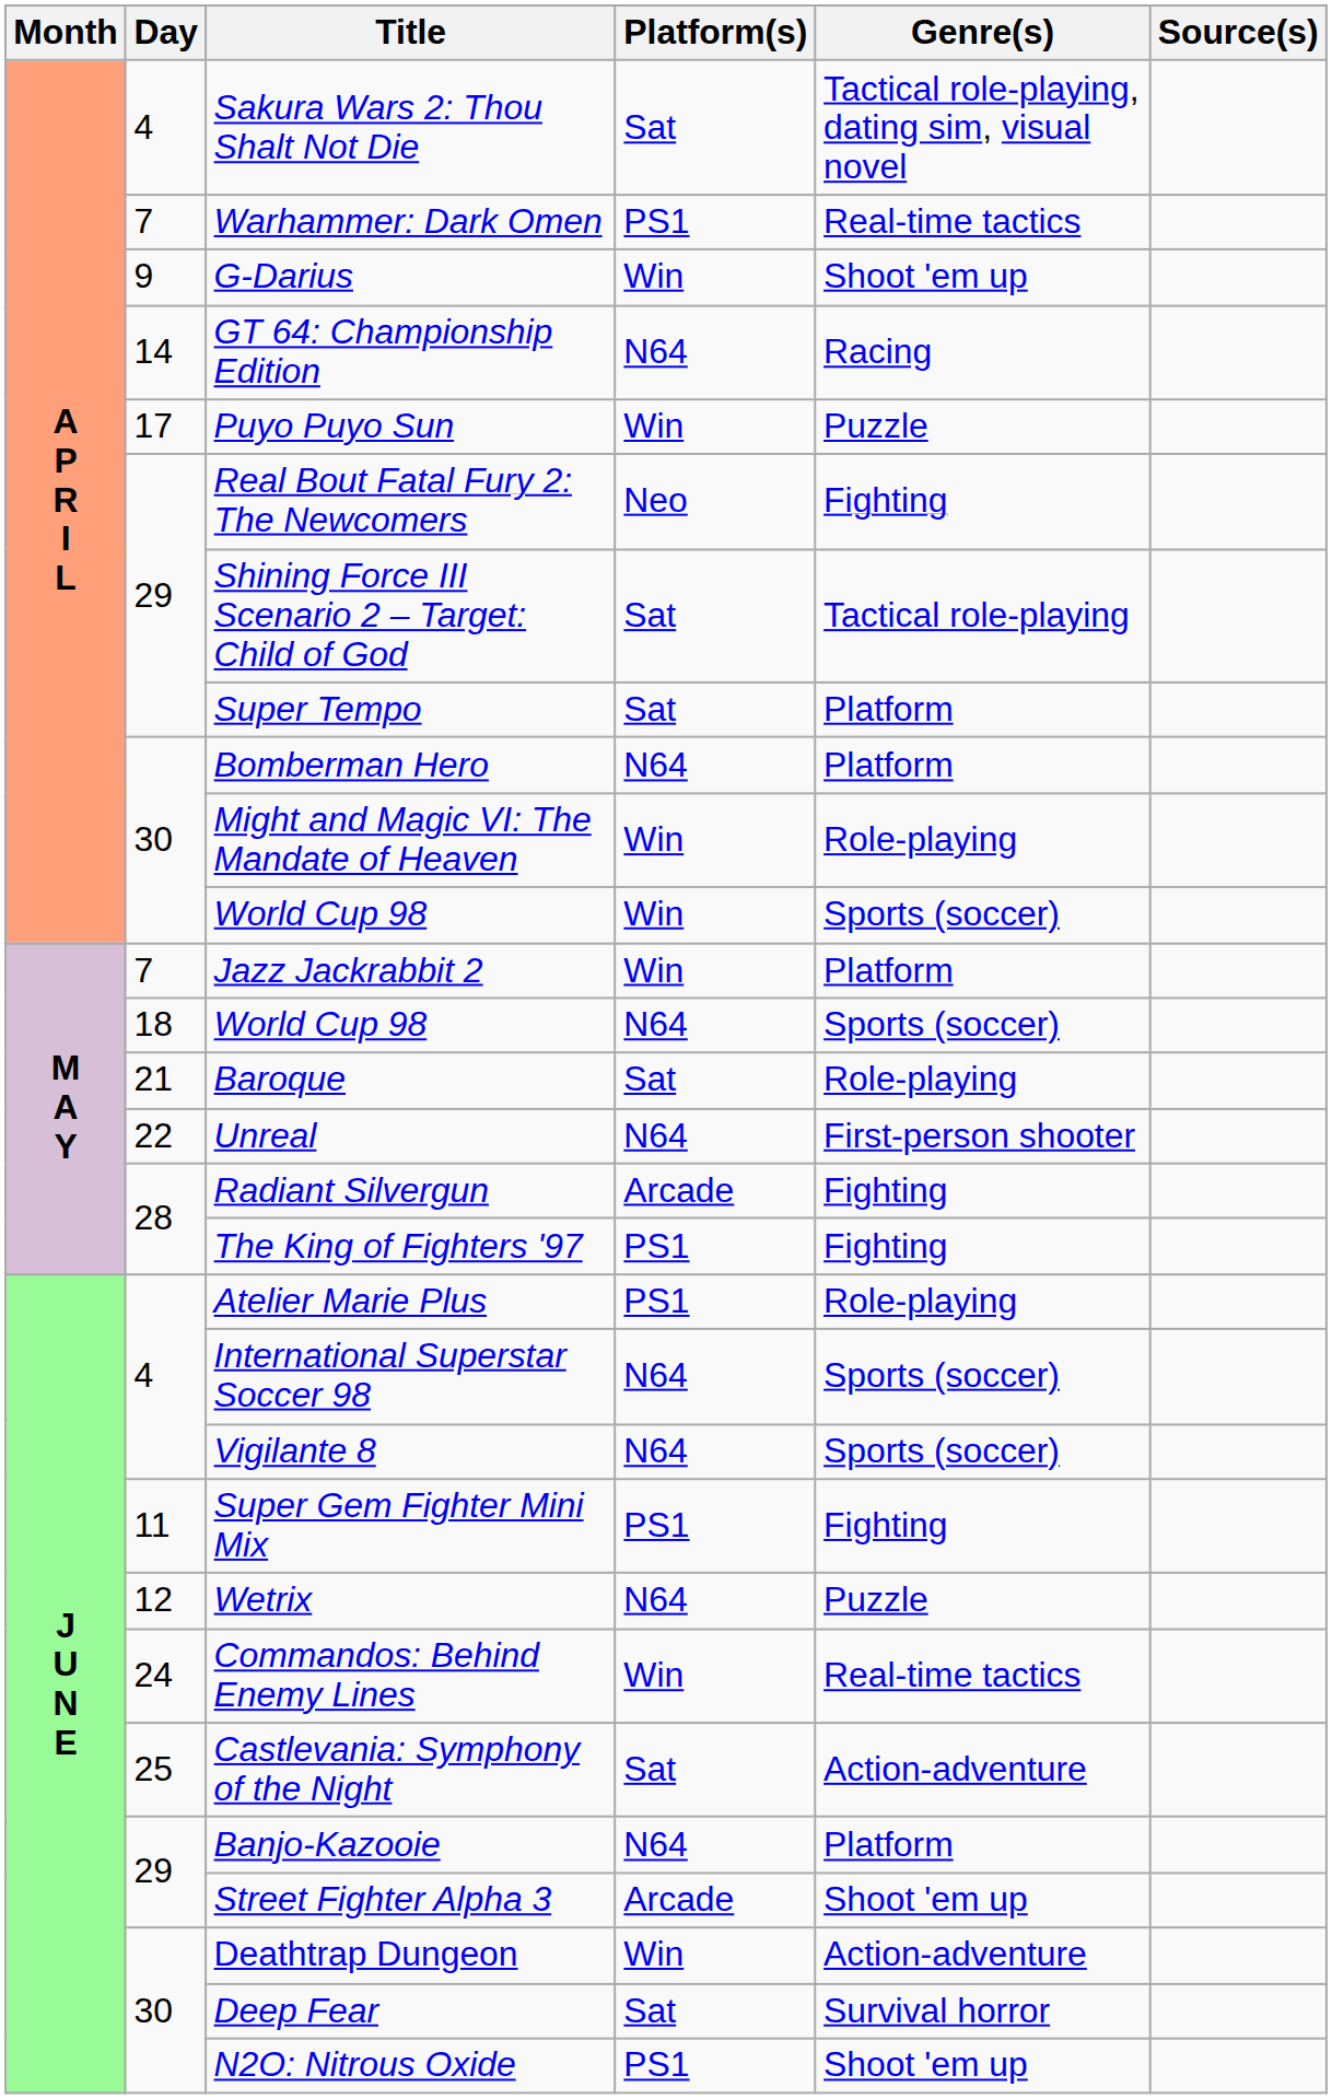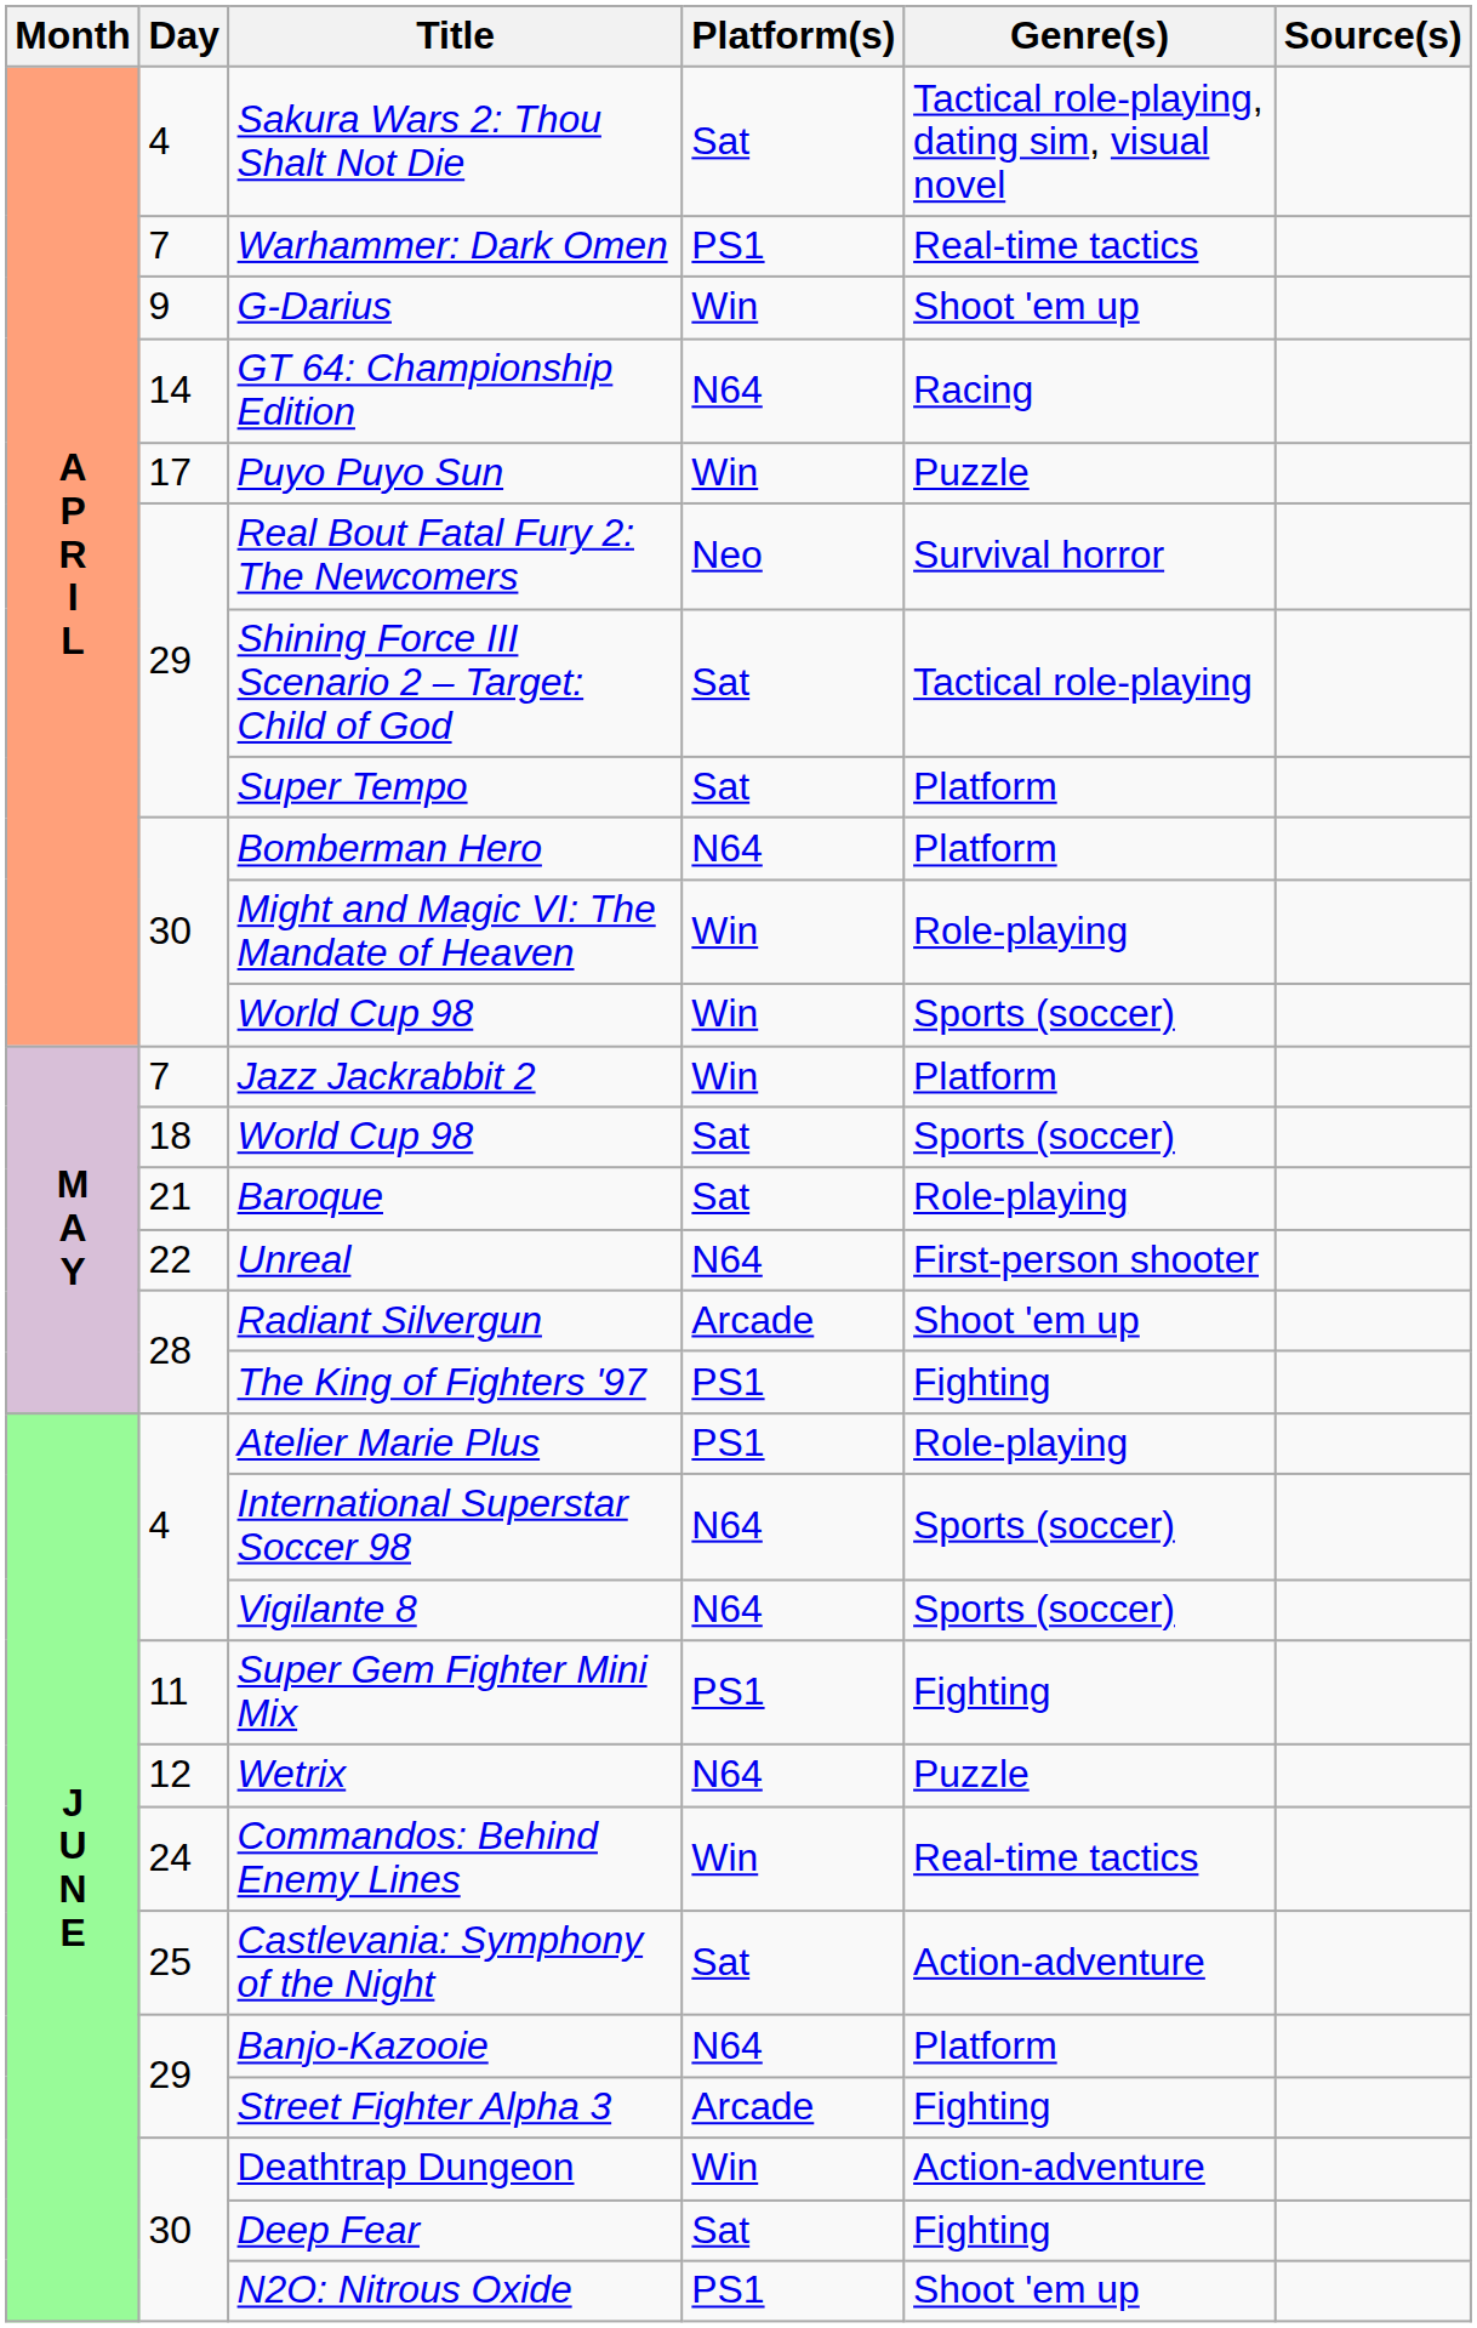 <table class="wikitable">
 <tr style="background:#dae3e7;">
 <th>Month</th>
 <th>Day</th>
 <th>Title</th>
 <th>Platform(s)</th>
 <th>Genre(s)</th>
 <th>Source(s)</th>
 </tr>
 <tr>
 <td rowspan="11" style="text-align:center; background:#ffa07a; textcolor:#000;"><strong>A<br>P<br>R<br>I<br>L</strong></td>
 <td>4</td>
 <td><em><a href='#'>Sakura Wars 2: Thou Shalt Not Die</a></em></td>
 <td><a href='#'>Sat</a></td>
 <td><a href='#'>Tactical role-playing</a>, <a href='#'>dating sim</a>, <a href='#'>visual novel</a></td>
 <td align="center"></td>
 </tr>
 <tr>
 <td>7</td>
 <td><em><a href='#'>Warhammer: Dark Omen</a></em></td>
 <td><a href='#'>PS1</a></td>
 <td><a href='#'>Real-time tactics</a></td>
 <td align="center"></td>
 </tr>
 <tr>
 <td>9</td>
 <td><em><a href='#'>G-Darius</a></em></td>
 <td><a href='#'>Win</a></td>
 <td><a href='#'>Shoot 'em up</a></td>
 <td align="center"></td>
 </tr>
 <tr>
 <td>14</td>
 <td><em><a href='#'>GT 64: Championship Edition</a></em></td>
 <td><a href='#'>N64</a></td>
 <td><a href='#'>Racing</a></td>
 <td align="center"></td>
 </tr>
 <tr>
 <td>17</td>
 <td><em><a href='#'>Puyo Puyo Sun</a></em></td>
 <td><a href='#'>Win</a></td>
 <td><a href='#'>Puzzle</a></td>
 <td align="center"></td>
 </tr>
 <tr>
 <td rowspan="3">29</td>
 <td><em><a href='#'>Real Bout Fatal Fury 2: The Newcomers</a></em></td>
 <td><a href='#'>Neo</a></td>
-<td><a href='#'>Fighting</a></td>
+<td><a href='#'>Survival horror</a></td>
 <td align="center"></td>
 </tr>
 <tr>
 <td><em><a href='#'>Shining Force III Scenario 2 – Target: Child of God</a></em></td>
 <td><a href='#'>Sat</a></td>
 <td><a href='#'>Tactical role-playing</a></td>
 <td align="center"></td>
 </tr>
 <tr>
 <td><em><a href='#'>Super Tempo</a></em></td>
 <td><a href='#'>Sat</a></td>
 <td><a href='#'>Platform</a></td>
 <td align="center"></td>
 </tr>
 <tr>
 <td rowspan="3">30</td>
 <td><em><a href='#'>Bomberman Hero</a></em></td>
 <td><a href='#'>N64</a></td>
 <td><a href='#'>Platform</a></td>
 <td align="center"></td>
 </tr>
 <tr>
 <td><em><a href='#'>Might and Magic VI: The Mandate of Heaven</a></em></td>
 <td><a href='#'>Win</a></td>
 <td><a href='#'>Role-playing</a></td>
 <td align="center"></td>
 </tr>
 <tr>
 <td><em><a href='#'>World Cup 98</a></em></td>
 <td><a href='#'>Win</a></td>
 <td><a href='#'>Sports (soccer)</a></td>
 <td align="center"></td>
 </tr>
 <tr>
 <td rowspan="6" style="text-align:center; background:thistle; textcolor:#000;"><strong>M<br>A<br>Y</strong></td>
 <td>7</td>
 <td><em><a href='#'>Jazz Jackrabbit 2</a></em></td>
 <td><a href='#'>Win</a></td>
 <td><a href='#'>Platform</a></td>
 <td align="center"></td>
 </tr>
 <tr>
 <td>18</td>
 <td><em><a href='#'>World Cup 98</a></em></td>
-<td><a href='#'>N64</a></td>
+<td><a href='#'>Sat</a></td>
 <td><a href='#'>Sports (soccer)</a></td>
 <td align="center"></td>
 </tr>
 <tr>
 <td>21</td>
 <td><em><a href='#'>Baroque</a></em></td>
 <td><a href='#'>Sat</a></td>
 <td><a href='#'>Role-playing</a></td>
 <td align="center"></td>
 </tr>
 <tr>
 <td>22</td>
 <td><em><a href='#'>Unreal</a></em></td>
 <td><a href='#'>N64</a></td>
 <td><a href='#'>First-person shooter</a></td>
 <td align="center"></td>
 </tr>
 <tr>
 <td rowspan="2">28</td>
 <td><em><a href='#'>Radiant Silvergun</a></em></td>
 <td><a href='#'>Arcade</a></td>
-<td><a href='#'>Fighting</a></td>
+<td><a href='#'>Shoot 'em up</a></td>
 <td align="center"></td>
 </tr>
 <tr>
 <td><em><a href='#'>The King of Fighters '97</a></em></td>
 <td><a href='#'>PS1</a></td>
 <td><a href='#'>Fighting</a></td>
 <td align="center"></td>
 </tr>
 <tr>
 <td rowspan="12" style="text-align:center; background:#98fb98; textcolor:#000;"><strong>J<br>U<br>N<br>E</strong></td>
 <td rowspan="3">4</td>
 <td><em><a href='#'>Atelier Marie Plus</a></em></td>
 <td><a href='#'>PS1</a></td>
 <td><a href='#'>Role-playing</a></td>
 <td align="center"></td>
 </tr>
 <tr>
 <td><em><a href='#'>International Superstar Soccer 98</a></em></td>
 <td><a href='#'>N64</a></td>
 <td><a href='#'>Sports (soccer)</a></td>
 <td align="center"></td>
 </tr>
 <tr>
 <td><em><a href='#'>Vigilante 8</a></em></td>
 <td><a href='#'>N64</a></td>
 <td><a href='#'>Sports (soccer)</a></td>
 <td align="center"></td>
 </tr>
 <tr>
 <td>11</td>
 <td><em><a href='#'>Super Gem Fighter Mini Mix</a></em></td>
 <td><a href='#'>PS1</a></td>
 <td><a href='#'>Fighting</a></td>
 <td align="center"></td>
 </tr>
 <tr>
 <td>12</td>
 <td><em><a href='#'>Wetrix</a></em></td>
 <td><a href='#'>N64</a></td>
 <td><a href='#'>Puzzle</a></td>
 <td align="center"></td>
 </tr>
 <tr>
 <td>24</td>
 <td><em><a href='#'>Commandos: Behind Enemy Lines</a></em></td>
 <td><a href='#'>Win</a></td>
 <td><a href='#'>Real-time tactics</a></td>
 <td align="center"></td>
 </tr>
 <tr>
 <td>25</td>
 <td><em><a href='#'>Castlevania: Symphony of the Night</a></em></td>
 <td><a href='#'>Sat</a></td>
 <td><a href='#'>Action-adventure</a></td>
 <td align="center"></td>
 </tr>
 <tr>
 <td rowspan="2">29</td>
 <td><em><a href='#'>Banjo-Kazooie</a></em></td>
 <td><a href='#'>N64</a></td>
 <td><a href='#'>Platform</a></td>
 <td align="center"></td>
 </tr>
 <tr>
 <td><em><a href='#'>Street Fighter Alpha 3</a></em></td>
 <td><a href='#'>Arcade</a></td>
-<td><a href='#'>Shoot 'em up</a></td>
+<td><a href='#'>Fighting</a></td>
 <td></td>
 </tr>
 <tr>
 <td rowspan="3">30</td>
 <td><a href='#'>Deathtrap Dungeon</a></td>
 <td><a href='#'>Win</a></td>
 <td><a href='#'>Action-adventure</a></td>
 <td></td>
 </tr>
 <tr>
 <td><em><a href='#'>Deep Fear</a></em></td>
 <td><a href='#'>Sat</a></td>
-<td><a href='#'>Survival horror</a></td>
+<td><a href='#'>Fighting</a></td>
 <td align="center"></td>
 </tr>
 <tr>
 <td><em><a href='#'>N2O: Nitrous Oxide</a></em></td>
 <td><a href='#'>PS1</a></td>
 <td><a href='#'>Shoot 'em up</a></td>
 <td align="center"></td>
 </tr>
 </table>
